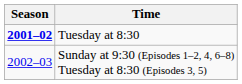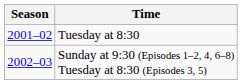 <table class="wikitable">
 <tr>
 <th>Season</th>
 <th>Time</th>
 </tr>
 <tr>
-<td><strong><a href='#'>2001–02</a></strong></td>
+<td><a href='#'>2001–02</a></td>
 <td>Tuesday at 8:30</td>
 </tr>
 <tr>
 <td><a href='#'>2002–03</a></td>
 <td>Sunday at 9:30 <small>(Episodes 1–2, 4, 6–8)</small><br>Tuesday at 8:30 <small>(Episodes 3, 5)</small></td>
 </tr>
 </table>
